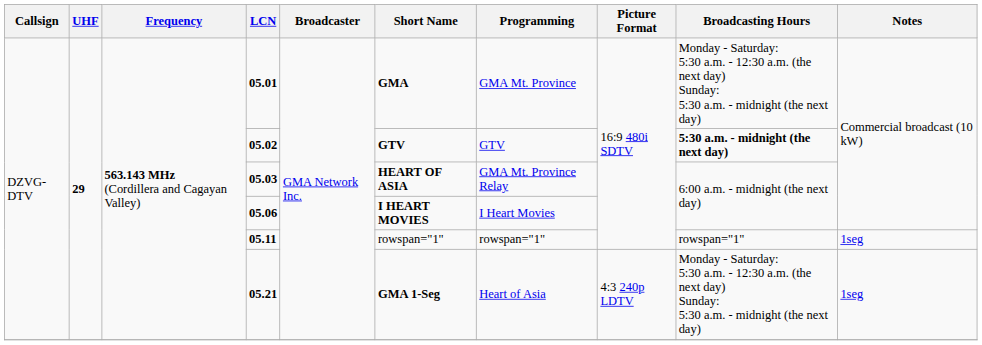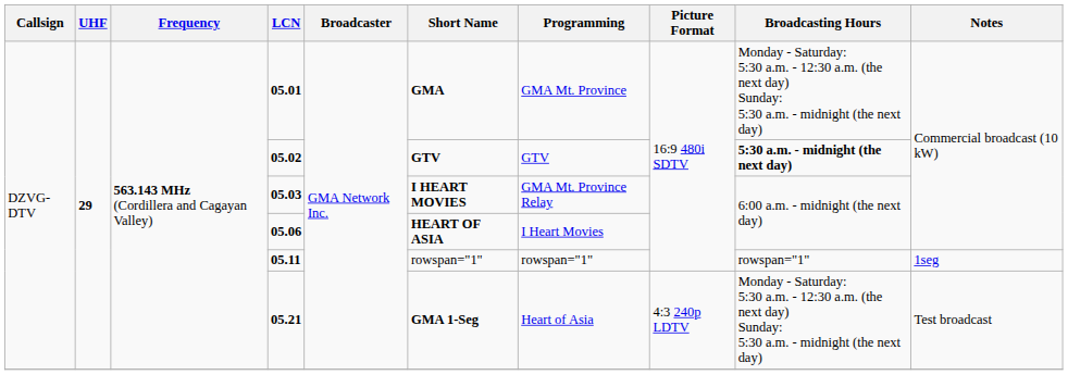 <table class="wikitable sortable">
 <tr>
 <th>Callsign</th>
 <th><a href='#'>UHF</a></th>
 <th><a href='#'>Frequency</a></th>
 <th><a href='#'>LCN</a></th>
 <th>Broadcaster</th>
 <th>Short Name</th>
 <th>Programming</th>
 <th>Picture Format</th>
 <th>Broadcasting Hours</th>
 <th>Notes</th>
 </tr>
 <tr>
 <td rowspan="6">DZVG-DTV</td>
 <td rowspan="6"><strong>29</strong></td>
 <td rowspan="6"><strong>563.143 MHz</strong><br>(Cordillera and Cagayan Valley)</td>
 <td><strong>05.01</strong></td>
 <td rowspan="6"><a href='#'>GMA Network Inc.</a></td>
 <td><strong>GMA</strong></td>
 <td><a href='#'>GMA Mt. Province</a></td>
 <td rowspan="5">16:9 <a href='#'>480i</a> <a href='#'>SDTV</a></td>
 <td>Monday - Saturday: <br> 5:30 a.m. - 12:30 a.m. (the next day) <br> Sunday: <br> 5:30 a.m. - midnight (the next day)</td>
 <td rowspan="4">Commercial broadcast (10 kW)</td>
 </tr>
 <tr>
 <td><strong>05.02</strong></td>
 <td><strong>GTV</strong></td>
 <td><a href='#'>GTV</a></td>
 <td rowspan="1"><strong>5:30 a.m. - midnight (the next day)</strong></td>
 </tr>
 <tr>
 <td><strong>05.03</strong></td>
-<td><strong>HEART OF ASIA</strong></td>
+<td><strong>I HEART MOVIES</strong></td>
 <td><a href='#'>GMA Mt. Province Relay</a></td>
 <td rowspan="2">6:00 a.m. - midnight (the next day)</td>
 </tr>
 <tr>
 <td><strong>05.06</strong></td>
-<td><strong>I HEART MOVIES</strong></td>
+<td><strong>HEART OF ASIA</strong></td>
 <td><a href='#'>I Heart Movies</a></td>
 </tr>
 <tr>
 <td><strong>05.11</strong></td>
 <td>rowspan="1" </td>
 <td>rowspan="1" </td>
 <td>rowspan="1" </td>
 <td><a href='#'>1seg</a></td>
 </tr>
 <tr>
 <td><strong>05.21</strong></td>
 <td><strong>GMA 1-Seg</strong></td>
 <td><a href='#'>Heart of Asia</a></td>
 <td>4:3 <a href='#'>240p</a> <a href='#'>LDTV</a></td>
 <td>Monday - Saturday: <br> 5:30 a.m. - 12:30 a.m. (the next day) <br> Sunday: <br> 5:30 a.m. - midnight (the next day)</td>
-<td><a href='#'>1seg</a></td>
+<td rowspan="1">Test broadcast</td>
 </tr>
 <tr>
 </tr>
 </table>
